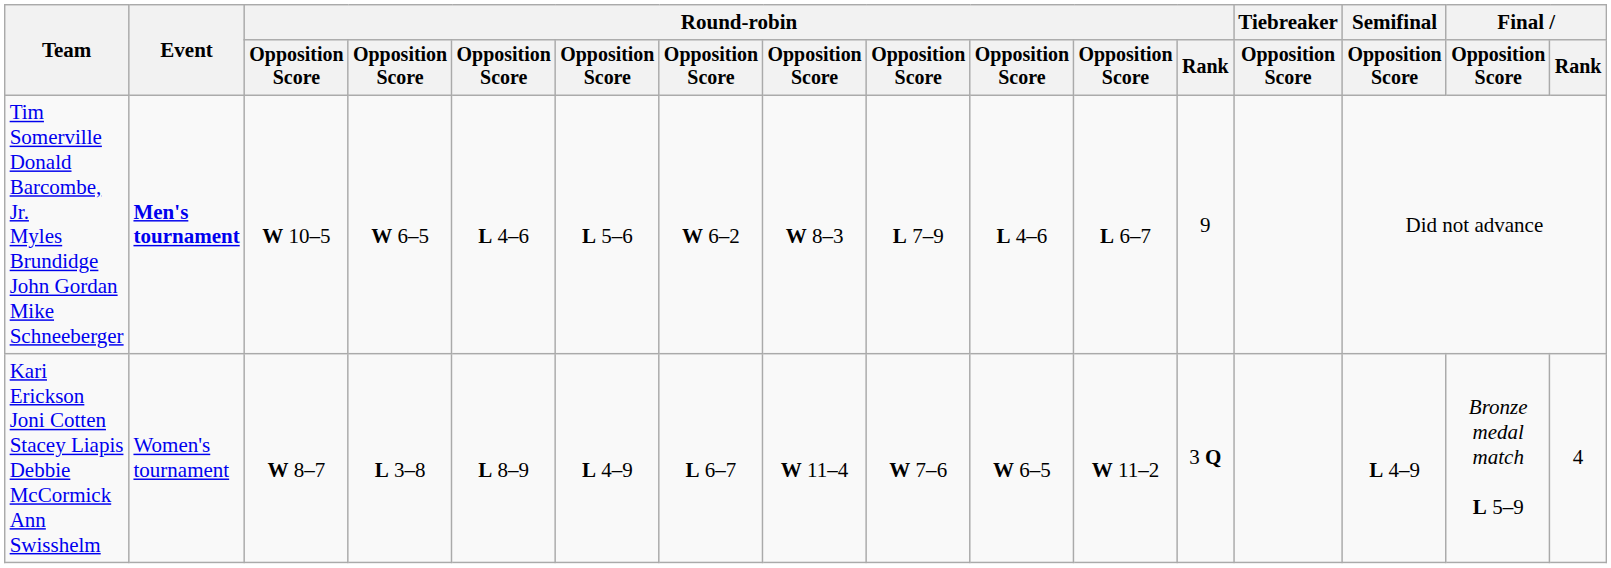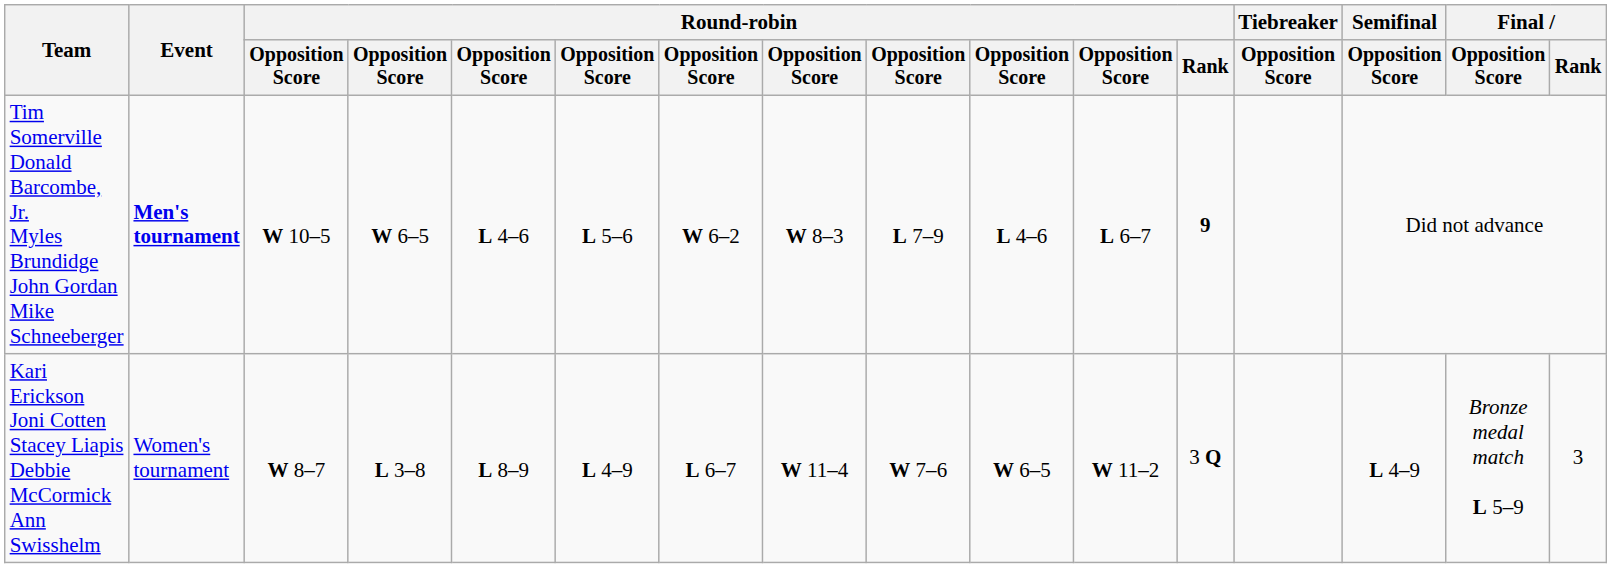 <table class=wikitable style=font-size:90%;text-align:center>
 <tr>
 <th rowspan=2>Team</th>
 <th rowspan=2>Event</th>
 <th colspan=10>Round-robin</th>
 <th>Tiebreaker</th>
 <th>Semifinal</th>
 <th colspan=2>Final / </th>
 </tr>
 <tr style=font-size:95%>
 <th>Opposition<br>Score</th>
 <th>Opposition<br>Score</th>
 <th>Opposition<br>Score</th>
 <th>Opposition<br>Score</th>
 <th>Opposition<br>Score</th>
 <th>Opposition<br>Score</th>
 <th>Opposition<br>Score</th>
 <th>Opposition<br>Score</th>
 <th>Opposition<br>Score</th>
 <th>Rank</th>
 <th>Opposition<br>Score</th>
 <th>Opposition<br>Score</th>
 <th>Opposition<br>Score</th>
 <th>Rank</th>
 </tr>
 <tr>
 <td align=left><a href='#'>Tim Somerville</a><br><a href='#'>Donald Barcombe, Jr.</a><br><a href='#'>Myles Brundidge</a><br><a href='#'>John Gordan</a><br><a href='#'>Mike Schneeberger</a></td>
 <td align=left><strong><a href='#'>Men's tournament</a></strong></td>
 <td><br><strong>W</strong> 10–5</td>
 <td><br><strong>W</strong> 6–5</td>
 <td><br><strong>L</strong> 4–6</td>
 <td><br><strong>L</strong> 5–6</td>
 <td><br><strong>W</strong> 6–2</td>
 <td><br><strong>W</strong> 8–3</td>
 <td><br><strong>L</strong> 7–9</td>
 <td><br><strong>L</strong> 4–6</td>
 <td><br><strong>L</strong> 6–7</td>
-<td>9</td>
+<td><strong>9</strong></td>
 <td></td>
 <td colspan=3>Did not advance</td>
 </tr>
 <tr>
 <td align=left><a href='#'>Kari Erickson</a><br><a href='#'>Joni Cotten</a><br><a href='#'>Stacey Liapis</a><br><a href='#'>Debbie McCormick</a><br><a href='#'>Ann Swisshelm</a></td>
 <td align=left><a href='#'>Women's tournament</a></td>
 <td><br><strong>W</strong> 8–7</td>
 <td><br><strong>L</strong> 3–8</td>
 <td><br><strong>L</strong> 8–9</td>
 <td><br><strong>L</strong> 4–9</td>
 <td><br><strong>L</strong> 6–7</td>
 <td><br><strong>W</strong> 11–4</td>
 <td><br><strong>W</strong> 7–6</td>
 <td><br><strong>W</strong> 6–5</td>
 <td><br><strong>W</strong> 11–2</td>
 <td>3 <strong>Q</strong></td>
 <td></td>
 <td><br><strong>L</strong> 4–9</td>
 <td><em>Bronze medal match</em><br><br><strong>L</strong> 5–9</td>
-<td>4</td>
+<td>3</td>
 </tr>
 </table>
